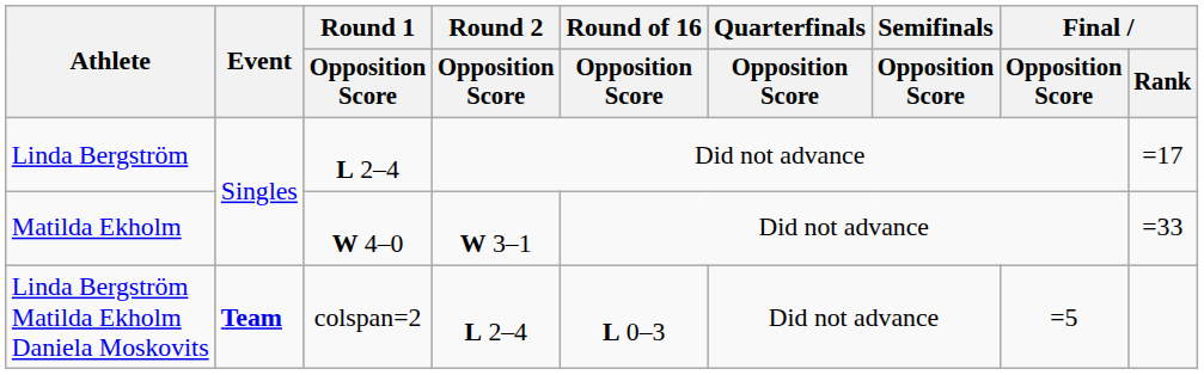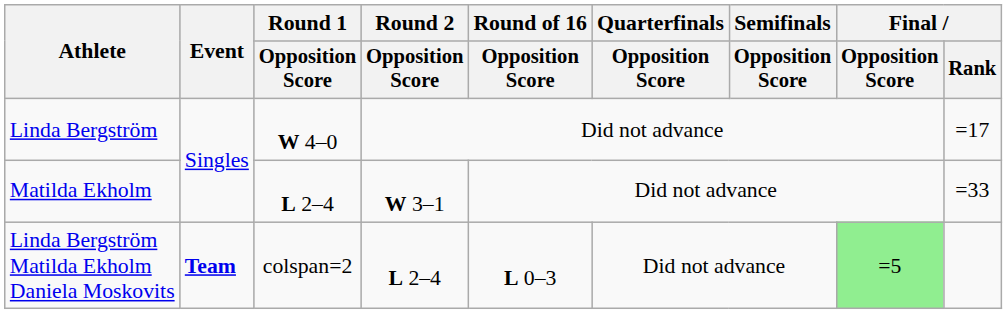 <table class=wikitable style="font-size:90%">
 <tr>
 <th rowspan="2">Athlete</th>
 <th rowspan="2">Event</th>
 <th>Round 1</th>
 <th>Round 2</th>
 <th>Round of 16</th>
 <th>Quarterfinals</th>
 <th>Semifinals</th>
 <th colspan=2>Final / </th>
 </tr>
 <tr style="font-size:95%">
 <th>Opposition<br>Score</th>
 <th>Opposition<br>Score</th>
 <th>Opposition<br>Score</th>
 <th>Opposition<br>Score</th>
 <th>Opposition<br>Score</th>
 <th>Opposition<br>Score</th>
 <th>Rank</th>
 </tr>
 <tr align=center>
 <td align=left><a href='#'>Linda Bergström</a></td>
 <td align=left rowspan=2><a href='#'>Singles</a></td>
-<td><br><strong>L</strong> 2–4</td>
+<td><br><strong>W</strong> 4–0</td>
 <td colspan=5>Did not advance</td>
 <td>=17</td>
 </tr>
 <tr align=center>
 <td align=left><a href='#'>Matilda Ekholm</a></td>
-<td><br><strong>W</strong> 4–0</td>
+<td><br><strong>L</strong> 2–4</td>
 <td><br><strong>W</strong> 3–1</td>
 <td colspan=4>Did not advance</td>
 <td>=33</td>
 </tr>
 <tr align=center>
 <td align=left><a href='#'>Linda Bergström</a><br><a href='#'>Matilda Ekholm</a><br><a href='#'>Daniela Moskovits</a></td>
 <td align=left><strong><a href='#'>Team</a></strong></td>
 <td>colspan=2 </td>
 <td><br><strong>L</strong> 2–4</td>
 <td><br><strong>L</strong> 0–3</td>
 <td colspan=2>Did not advance</td>
-<td>=5</td>
+<td style="background: lightgreen;">=5</td>
 </tr>
 </table>
